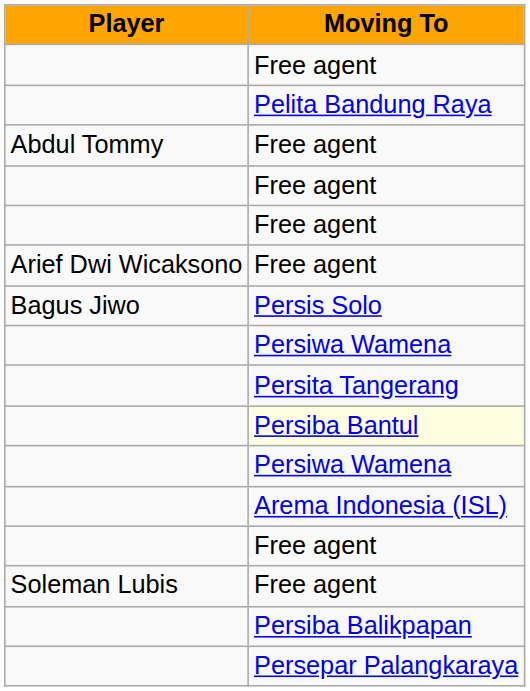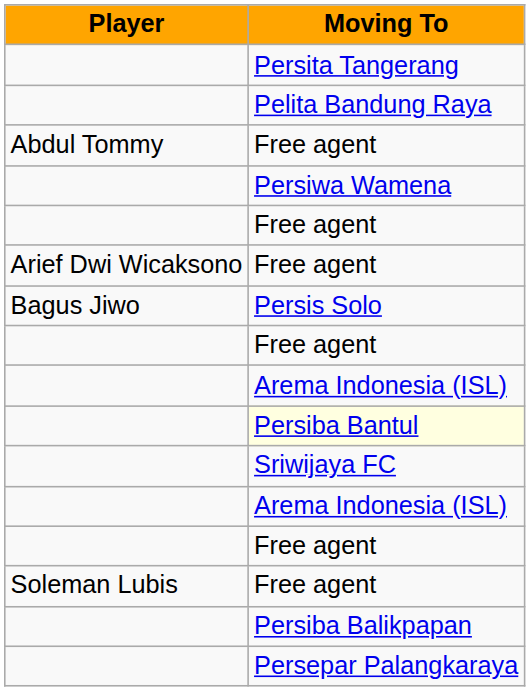 <table class="wikitable sortable">
 <tr>
 <th style="background-color:Orange; color:Black;" scope=col>Player</th>
 <th style="background-color:Orange; color:Black;" scope=col>Moving To</th>
 </tr>
 <tr>
 <td> </td>
-<td>Free agent</td>
+<td> <a href='#'>Persita Tangerang</a></td>
 </tr>
 <tr>
 <td> </td>
 <td> <a href='#'>Pelita Bandung Raya</a></td>
 </tr>
 <tr>
 <td> Abdul Tommy</td>
 <td>Free agent</td>
 </tr>
 <tr>
 <td> </td>
-<td>Free agent</td>
+<td> <a href='#'>Persiwa Wamena</a></td>
 </tr>
 <tr>
 <td> </td>
 <td>Free agent</td>
 </tr>
 <tr>
 <td> Arief Dwi Wicaksono</td>
 <td>Free agent</td>
 </tr>
 <tr>
 <td> Bagus Jiwo</td>
 <td> <a href='#'>Persis Solo</a></td>
 </tr>
 <tr>
 <td> </td>
-<td> <a href='#'>Persiwa Wamena</a></td>
+<td>Free agent</td>
 </tr>
 <tr>
 <td> </td>
-<td> <a href='#'>Persita Tangerang</a></td>
+<td> <a href='#'>Arema Indonesia (ISL)</a></td>
 </tr>
 <tr>
 <td> </td>
 <td style="background: lightyellow;"> <a href='#'>Persiba Bantul</a></td>
 </tr>
 <tr>
 <td> </td>
-<td> <a href='#'>Persiwa Wamena</a></td>
+<td> <a href='#'>Sriwijaya FC</a></td>
 </tr>
 <tr>
 <td> </td>
 <td> <a href='#'>Arema Indonesia (ISL)</a></td>
 </tr>
 <tr>
 <td> </td>
 <td>Free agent</td>
 </tr>
 <tr>
 <td> Soleman Lubis</td>
 <td>Free agent</td>
 </tr>
 <tr>
 <td> </td>
 <td> <a href='#'>Persiba Balikpapan</a></td>
 </tr>
 <tr>
 <td> </td>
 <td> <a href='#'>Persepar Palangkaraya</a></td>
 </tr>
 </table>
